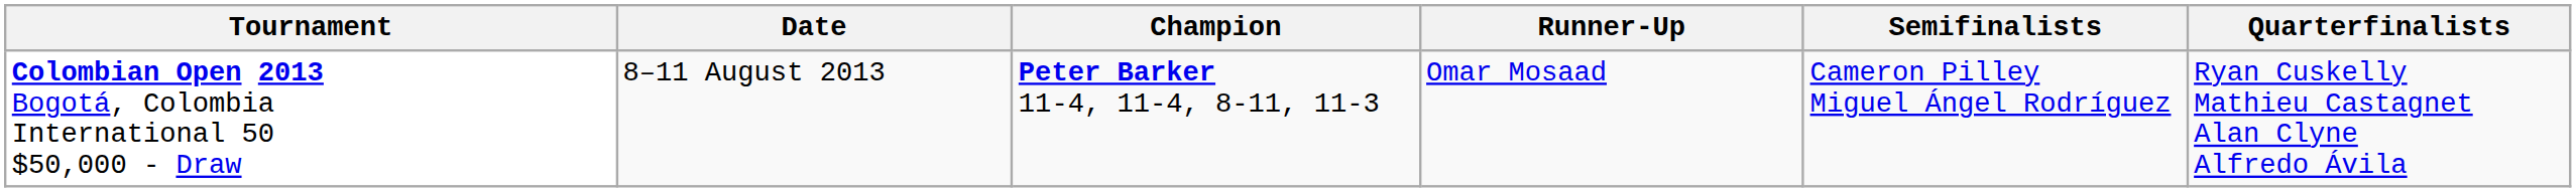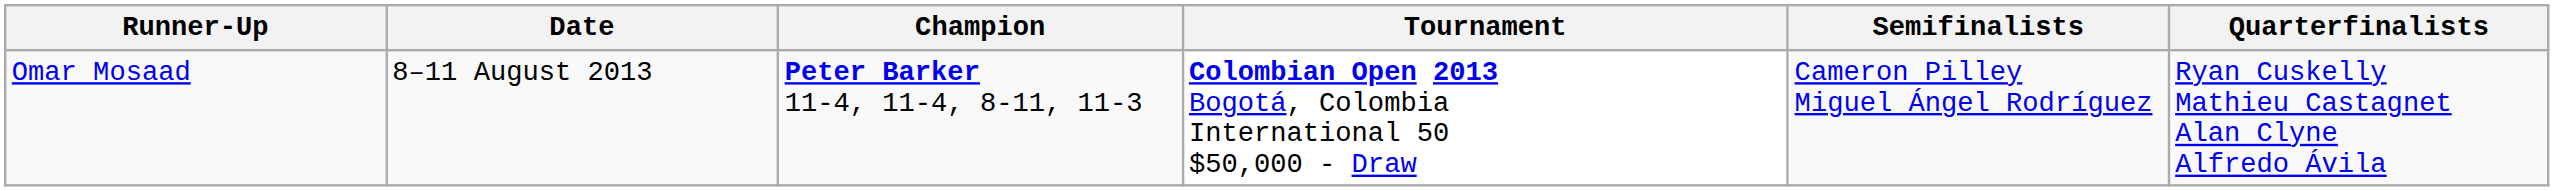 <table class="wikitable" style="font-size:88%">
 <tr>
-<th width=250>Tournament</th>
+<th width=155>Runner-Up</th>
 <th width=160>Date</th>
 <th width=165>Champion</th>
-<th width=155>Runner-Up</th>
+<th width=250>Tournament</th>
 <th width=155>Semifinalists</th>
 <th width=155>Quarterfinalists</th>
 </tr>
 <tr valign=top>
-<td style="background:#fff;"><strong><a href='#'>Colombian Open</a> <a href='#'>2013</a></strong><br> <a href='#'>Bogotá</a>, Colombia<br>International 50<br>$50,000 - <a href='#'>Draw</a></td>
+<td> <a href='#'>Omar Mosaad</a></td>
 <td>8–11 August 2013</td>
 <td> <strong><a href='#'>Peter Barker</a></strong><br>11-4, 11-4, 8-11, 11-3</td>
-<td> <a href='#'>Omar Mosaad</a></td>
+<td style="background:#fff;"><strong><a href='#'>Colombian Open</a> <a href='#'>2013</a></strong><br> <a href='#'>Bogotá</a>, Colombia<br>International 50<br>$50,000 - <a href='#'>Draw</a></td>
 <td> <a href='#'>Cameron Pilley</a><br> <a href='#'>Miguel Ángel Rodríguez</a></td>
 <td> <a href='#'>Ryan Cuskelly</a><br> <a href='#'>Mathieu Castagnet</a><br> <a href='#'>Alan Clyne</a><br> <a href='#'>Alfredo Ávila</a></td>
 </tr>
 </table>
